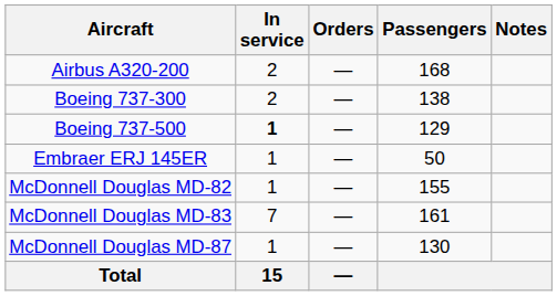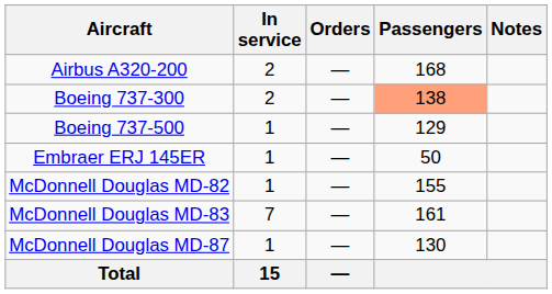 <table class="wikitable" style="margin:1em auto; text-align:center;">
 <tr>
 <th>Aircraft</th>
 <th>In <br>service</th>
 <th>Orders</th>
 <th>Passengers</th>
 <th>Notes</th>
 </tr>
 <tr>
 <td><a href='#'>Airbus A320-200</a></td>
 <td>2</td>
 <td>—</td>
 <td>168</td>
 <td></td>
 </tr>
 <tr>
 <td><a href='#'>Boeing 737-300</a></td>
 <td>2</td>
 <td>—</td>
-<td>138</td>
+<td style="background: lightsalmon;">138</td>
 <td></td>
 </tr>
 <tr>
 <td><a href='#'>Boeing 737-500</a></td>
-<td><strong>1</strong></td>
+<td>1</td>
 <td>—</td>
 <td>129</td>
 <td></td>
 </tr>
 <tr>
 <td><a href='#'>Embraer ERJ 145ER</a></td>
 <td>1</td>
 <td>—</td>
 <td>50</td>
 <td></td>
 </tr>
 <tr>
 <td><a href='#'>McDonnell Douglas MD-82</a></td>
 <td>1</td>
 <td>—</td>
 <td>155</td>
 <td></td>
 </tr>
 <tr>
 <td><a href='#'>McDonnell Douglas MD-83</a></td>
 <td>7</td>
 <td>—</td>
 <td>161</td>
 <td></td>
 </tr>
 <tr>
 <td><a href='#'>McDonnell Douglas MD-87</a></td>
 <td>1</td>
 <td>—</td>
 <td>130</td>
 <td></td>
 </tr>
 <tr>
 <th>Total</th>
 <th>15</th>
 <th>—</th>
 <th colspan=2></th>
 </tr>
 </table>
